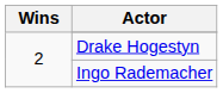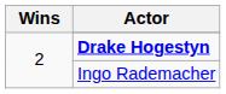 <table class="wikitable sortable">
 <tr>
 <th style="width:55px;">Wins</th>
 <th style="text-align:center;">Actor</th>
 </tr>
 <tr>
 <td rowspan="3" style="text-align:center;">2</td>
 </tr>
 <tr>
-<td><a href='#'>Drake Hogestyn</a></td>
+<td><strong><a href='#'>Drake Hogestyn</a></strong></td>
 </tr>
 <tr>
 <td><a href='#'>Ingo Rademacher</a></td>
 </tr>
 </table>
